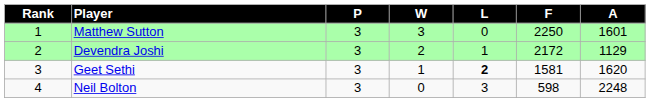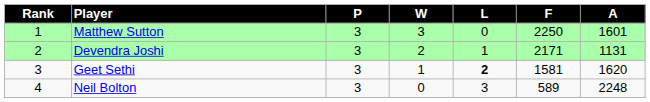 <table border="2" cellpadding="2" cellspacing="0" style="margin: 0; background: #f9f9f9; border: 1px #aaa solid; border-collapse: collapse; font-size: 100%;" width=50%>
 <tr>
 <th bgcolor="000000" style="color:white; text-align:center" width=5%>Rank</th>
 <th bgcolor="000000" style="color:white; text-align:left" width=20%>Player</th>
 <th bgcolor="000000" style="color:white; text-align:center" width=5%>P</th>
 <th bgcolor="000000" style="color:white; text-align:center" width=5%>W</th>
 <th bgcolor="000000" style="color:white; text-align:center" width=5%>L</th>
 <th bgcolor="000000" style="color:white; text-align:center" width=5%>F</th>
 <th bgcolor="000000" style="color:white; text-align:center" width=5%>A</th>
 </tr>
 <tr>
 <td style="text-align:center; background:#aaffaa">1</td>
 <td style="text-align:left; background:#aaffaa"> <a href='#'>Matthew Sutton</a></td>
 <td style="text-align:center; background:#aaffaa">3</td>
 <td style="text-align:center; background:#aaffaa">3</td>
 <td style="text-align:center; background:#aaffaa">0</td>
 <td style="text-align:center; background:#aaffaa">2250</td>
 <td style="text-align:center; background:#aaffaa">1601</td>
 </tr>
 <tr>
 <td style="text-align:center; background:#aaffaa">2</td>
 <td style="text-align:left; background:#aaffaa"> <a href='#'>Devendra Joshi</a></td>
 <td style="text-align:center; background:#aaffaa">3</td>
 <td style="text-align:center; background:#aaffaa">2</td>
 <td style="text-align:center; background:#aaffaa">1</td>
-<td style="text-align:center; background:#aaffaa">2172</td>
-<td style="text-align:center; background:#aaffaa">1129</td>
+<td style="text-align:center; background:#aaffaa">2171</td>
+<td style="text-align:center; background:#aaffaa">1131</td>
 </tr>
 <tr>
 <td style="text-align:center">3</td>
 <td style="text-align:left;"> <a href='#'>Geet Sethi</a></td>
 <td style="text-align:center;">3</td>
 <td style="text-align:center;">1</td>
 <td style="text-align:center;"><strong>2</strong></td>
 <td style="text-align:center;">1581</td>
 <td style="text-align:center;">1620</td>
 </tr>
 <tr>
 <td style="text-align:center">4</td>
 <td style="text-align:left;"> <a href='#'>Neil Bolton</a></td>
 <td style="text-align:center;">3</td>
 <td style="text-align:center;">0</td>
 <td style="text-align:center;">3</td>
-<td style="text-align:center;">598</td>
+<td style="text-align:center;">589</td>
 <td style="text-align:center;">2248</td>
 </tr>
 </table>
